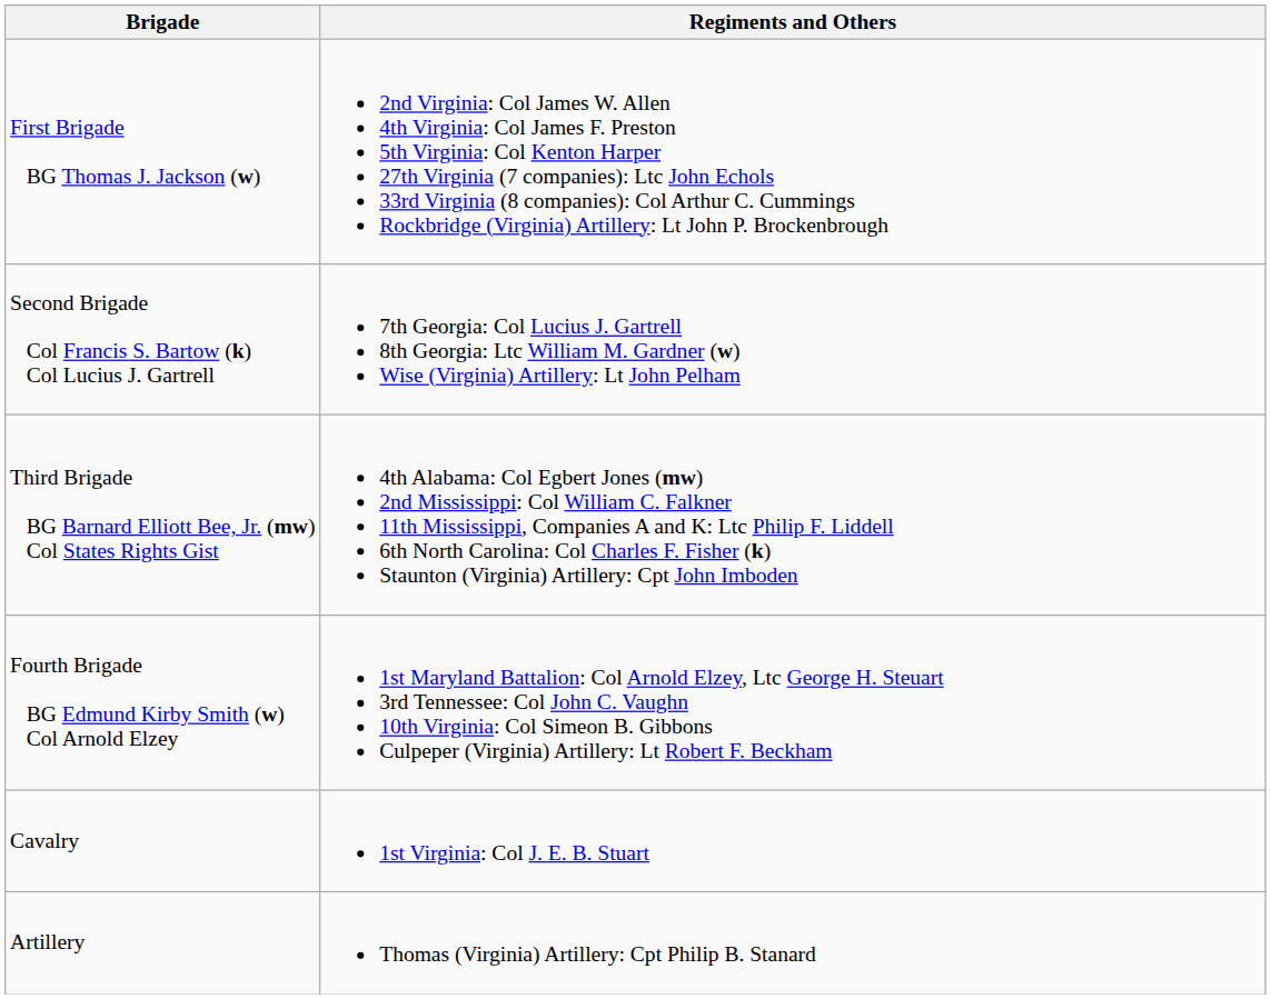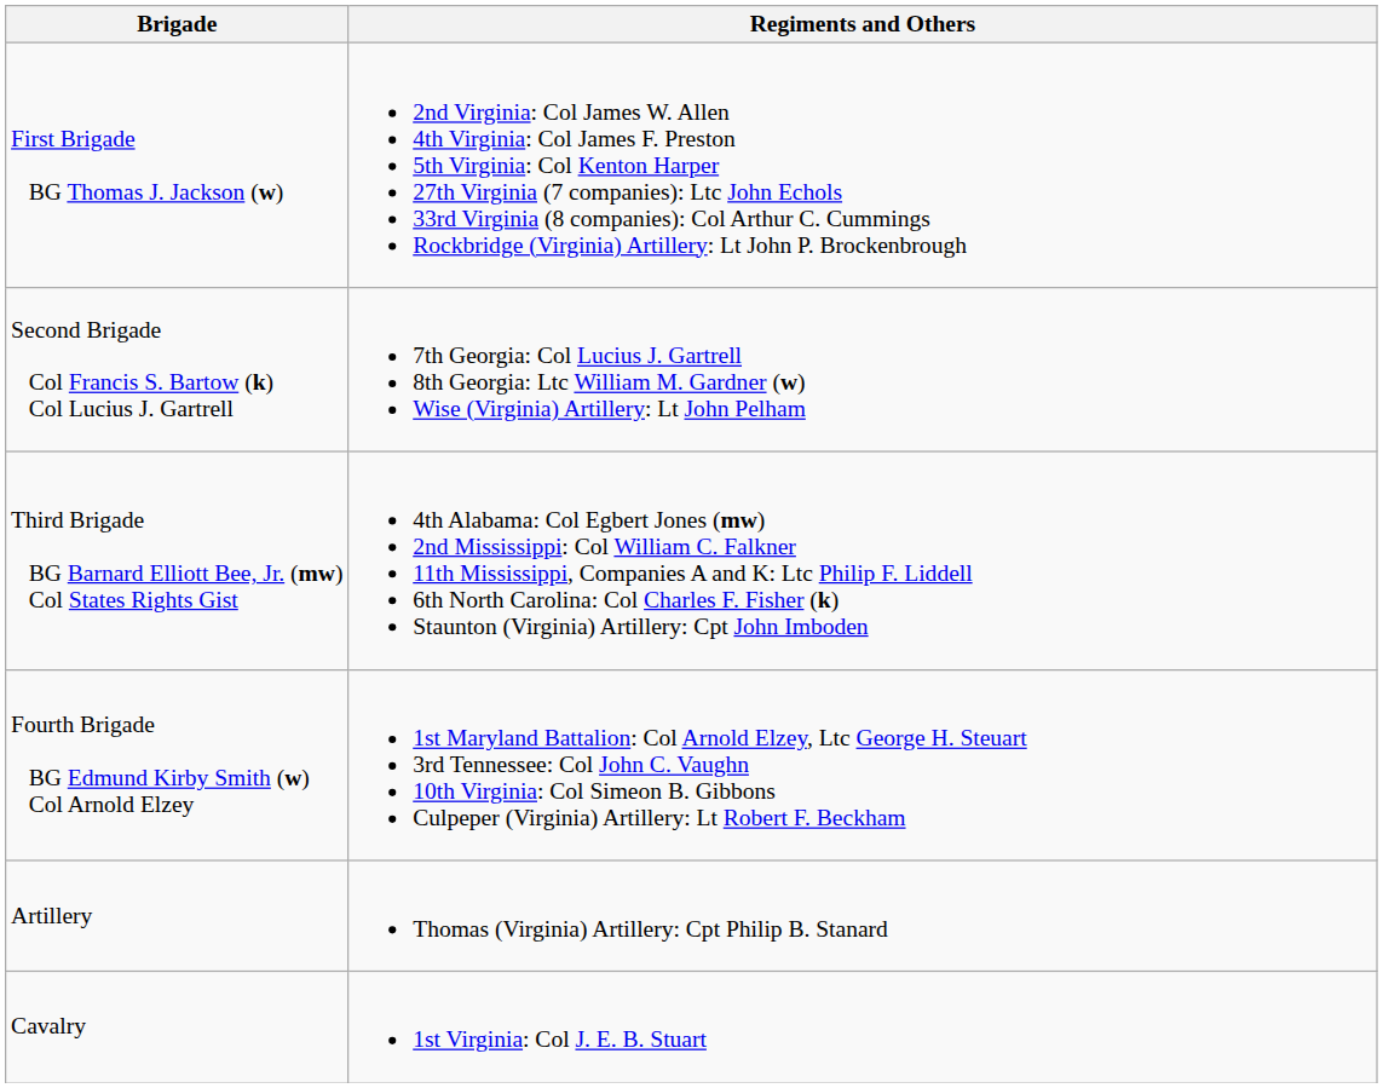 <table class="wikitable">
 <tr>
 <th width=25%>Brigade</th>
 <th>Regiments and Others</th>
 </tr>
 <tr>
 <td><a href='#'>First Brigade</a><br><br>   BG <a href='#'>Thomas J. Jackson</a> (<strong>w</strong>)</td>
 <td><br><ul><li><a href='#'>2nd Virginia</a>: Col James W. Allen</li><li><a href='#'>4th Virginia</a>: Col James F. Preston</li><li><a href='#'>5th Virginia</a>: Col <a href='#'>Kenton Harper</a></li><li><a href='#'>27th Virginia</a> (7 companies): Ltc <a href='#'>John Echols</a></li><li><a href='#'>33rd Virginia</a> (8 companies): Col Arthur C. Cummings</li><li><a href='#'>Rockbridge (Virginia) Artillery</a>: Lt John P. Brockenbrough</li></ul></td>
 </tr>
 <tr>
 <td>Second Brigade<br><br>   Col <a href='#'>Francis S. Bartow</a> (<strong>k</strong>) <br>   Col Lucius J. Gartrell</td>
 <td><br><ul><li>7th Georgia: Col <a href='#'>Lucius J. Gartrell</a></li><li>8th Georgia: Ltc <a href='#'>William M. Gardner</a> (<strong>w</strong>)</li><li><a href='#'>Wise (Virginia) Artillery</a>: Lt <a href='#'>John Pelham</a></li></ul></td>
 </tr>
 <tr>
 <td>Third Brigade<br><br>   BG <a href='#'>Barnard Elliott Bee, Jr.</a> (<strong>mw</strong>) <br>   Col <a href='#'>States Rights Gist</a></td>
 <td><br><ul><li>4th Alabama: Col Egbert Jones (<strong>mw</strong>)</li><li><a href='#'>2nd Mississippi</a>: Col <a href='#'>William C. Falkner</a></li><li><a href='#'>11th Mississippi</a>, Companies A and K: Ltc <a href='#'>Philip F. Liddell</a></li><li>6th North Carolina: Col <a href='#'>Charles F. Fisher</a> (<strong>k</strong>)</li><li>Staunton (Virginia) Artillery: Cpt <a href='#'>John Imboden</a></li></ul></td>
 </tr>
 <tr>
 <td>Fourth Brigade<br><br>   BG <a href='#'>Edmund Kirby Smith</a> (<strong>w</strong>) <br>   Col Arnold Elzey</td>
 <td><br><ul><li><a href='#'>1st Maryland Battalion</a>: Col <a href='#'>Arnold Elzey</a>, Ltc <a href='#'>George H. Steuart</a></li><li>3rd Tennessee: Col <a href='#'>John C. Vaughn</a></li><li><a href='#'>10th Virginia</a>: Col Simeon B. Gibbons</li><li>Culpeper (Virginia) Artillery: Lt <a href='#'>Robert F. Beckham</a></li></ul></td>
 </tr>
 <tr>
+<td>Artillery</td>
+<td><br><ul><li>Thomas (Virginia) Artillery: Cpt Philip B. Stanard</li></ul></td>
+</tr>
+<tr>
 <td>Cavalry</td>
 <td><br><ul><li><a href='#'>1st Virginia</a>: Col <a href='#'>J. E. B. Stuart</a></li></ul></td>
 </tr>
-<tr>
-<td>Artillery</td>
-<td><br><ul><li>Thomas (Virginia) Artillery: Cpt Philip B. Stanard</li></ul></td>
-</tr>
 </table>
